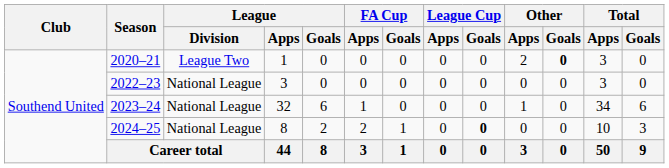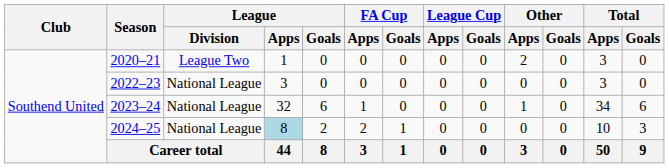 <table class="wikitable" style="text-align: center">
 <tr>
 <th rowspan="2">Club</th>
 <th rowspan="2">Season</th>
 <th colspan="3">League</th>
 <th colspan="2"><a href='#'>FA Cup</a></th>
 <th colspan="2"><a href='#'>League Cup</a></th>
 <th colspan="2">Other</th>
 <th colspan="2">Total</th>
 </tr>
 <tr>
 <th>Division</th>
 <th>Apps</th>
 <th>Goals</th>
 <th>Apps</th>
 <th>Goals</th>
 <th>Apps</th>
 <th>Goals</th>
 <th>Apps</th>
 <th>Goals</th>
 <th>Apps</th>
 <th>Goals</th>
 </tr>
 <tr>
 <td rowspan="5"><a href='#'>Southend United</a></td>
 <td><a href='#'>2020–21</a></td>
 <td><a href='#'>League Two</a></td>
 <td>1</td>
 <td>0</td>
 <td>0</td>
 <td>0</td>
 <td>0</td>
 <td>0</td>
 <td>2</td>
-<td><strong>0</strong></td>
+<td>0</td>
 <td>3</td>
 <td>0</td>
 </tr>
 <tr>
 <td><a href='#'>2022–23</a></td>
 <td>National League</td>
 <td>3</td>
 <td>0</td>
 <td>0</td>
 <td>0</td>
 <td>0</td>
 <td>0</td>
 <td>0</td>
 <td>0</td>
 <td>3</td>
 <td>0</td>
 </tr>
 <tr>
 <td><a href='#'>2023–24</a></td>
 <td>National League</td>
 <td>32</td>
 <td>6</td>
 <td>1</td>
 <td>0</td>
 <td>0</td>
 <td>0</td>
 <td>1</td>
 <td>0</td>
 <td>34</td>
 <td>6</td>
 </tr>
 <tr>
 <td><a href='#'>2024–25</a></td>
 <td>National League</td>
-<td>8</td>
+<td style="background: lightblue;">8</td>
 <td>2</td>
 <td>2</td>
 <td>1</td>
 <td>0</td>
-<td><strong>0</strong></td>
+<td>0</td>
 <td>0</td>
 <td>0</td>
 <td>10</td>
 <td>3</td>
 </tr>
 <tr>
 <th colspan="2">Career total</th>
 <th>44</th>
 <th>8</th>
 <th>3</th>
 <th>1</th>
 <th>0</th>
 <th>0</th>
 <th>3</th>
 <th>0</th>
 <th>50</th>
 <th>9</th>
 </tr>
 </table>
